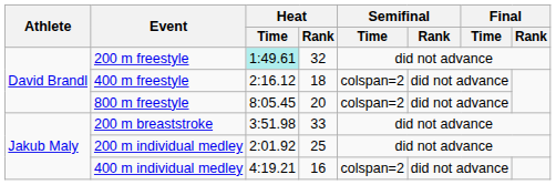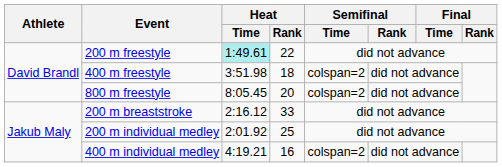 <table class=wikitable style="font-size:90%">
 <tr>
 <th rowspan="2">Athlete</th>
 <th rowspan="2">Event</th>
 <th colspan="2">Heat</th>
 <th colspan="2">Semifinal</th>
 <th colspan="2">Final</th>
 </tr>
 <tr style="font-size:95%">
 <th>Time</th>
 <th>Rank</th>
 <th>Time</th>
 <th>Rank</th>
 <th>Time</th>
 <th>Rank</th>
 </tr>
 <tr align=center>
 <td align=left rowspan=3><a href='#'>David Brandl</a></td>
 <td align=left><a href='#'>200 m freestyle</a></td>
 <td style="background: paleturquoise;">1:49.61</td>
-<td>32</td>
+<td>22</td>
 <td colspan=4>did not advance</td>
 </tr>
 <tr align=center>
 <td align=left><a href='#'>400 m freestyle</a></td>
-<td>2:16.12</td>
+<td>3:51.98</td>
 <td>18</td>
 <td>colspan=2 </td>
 <td colspan=2>did not advance</td>
 </tr>
 <tr align=center>
 <td align=left><a href='#'>800 m freestyle</a></td>
 <td>8:05.45</td>
 <td>20</td>
 <td>colspan=2 </td>
 <td colspan=2>did not advance</td>
 </tr>
 <tr align=center>
 <td align=left rowspan=3><a href='#'>Jakub Maly</a></td>
 <td align=left><a href='#'>200 m breaststroke</a></td>
-<td>3:51.98</td>
+<td>2:16.12</td>
 <td>33</td>
 <td colspan=4>did not advance</td>
 </tr>
 <tr align=center>
 <td align=left><a href='#'>200 m individual medley</a></td>
 <td>2:01.92</td>
 <td>25</td>
 <td colspan=4>did not advance</td>
 </tr>
 <tr align=center>
 <td align=left><a href='#'>400 m individual medley</a></td>
 <td>4:19.21</td>
 <td>16</td>
 <td>colspan=2 </td>
 <td colspan=2>did not advance</td>
 </tr>
 </table>
